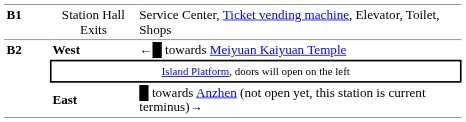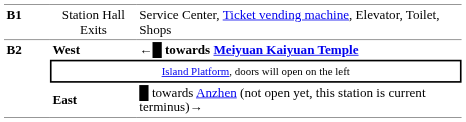 <table table border=0 cellspacing=0 cellpadding=3>
 <tr>
 <td style="border-bottom:solid 1px gray;border-top:solid 1px gray;" width=50 valign=top><strong>B1</strong></td>
 <td style="border-top:solid 1px gray;border-bottom:solid 1px gray;text-align:center;" width=100 valign=top>Station Hall<br>Exits</td>
 <td style="border-top:solid 1px gray;border-bottom:solid 1px gray;" width=390 valign=top>Service Center, <a href='#'>Ticket vending machine</a>, Elevator, Toilet, Shops</td>
 </tr>
 <tr>
 <td style="border-top:solid 0px gray;border-bottom:solid 1px gray;" width=50 rowspan=3 valign=top><strong>B2</strong></td>
 <td style="border-top:solid 0px gray;" width=100><strong>West</strong></td>
-<td style="border-top:solid 0px gray;" width=390>←<span>█</span> towards <a href='#'>Meiyuan Kaiyuan Temple</a></td>
+<td style="border-top:solid 0px gray;" width=390><strong>←<span>█</span> towards <a href='#'>Meiyuan Kaiyuan Temple</a></strong></td>
 </tr>
 <tr>
 <td style="border-top:solid 2px black;border-right:solid 2px black;border-left:solid 2px black;border-bottom:solid 2px black;text-align:center;" colspan=2><small><a href='#'>Island Platform</a>, doors will open on the left</small></td>
 </tr>
 <tr>
 <td style="border-bottom:solid 1px gray;"><strong>East</strong></td>
 <td style="border-bottom:solid 1px gray;"><span>█</span> towards <a href='#'>Anzhen</a> (not open yet, this station is current terminus)→</td>
 </tr>
 </table>
